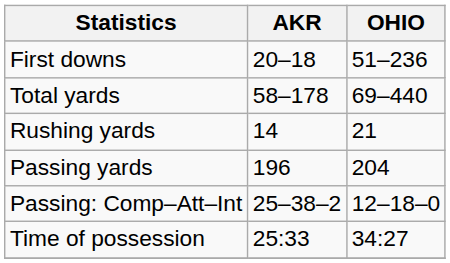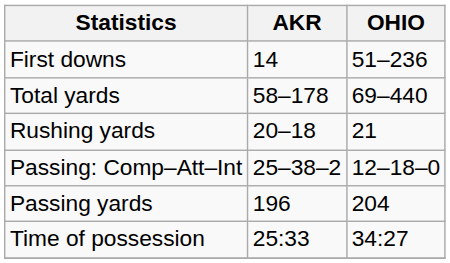 <table class="wikitable" style="float: left;">
 <tr>
 <th>Statistics</th>
 <th>AKR</th>
 <th>OHIO</th>
 </tr>
 <tr>
 <td>First downs</td>
-<td>20–18</td>
+<td>14</td>
 <td>51–236</td>
 </tr>
 <tr>
 <td>Total yards</td>
 <td>58–178</td>
 <td>69–440</td>
 </tr>
 <tr>
 <td>Rushing yards</td>
-<td>14</td>
+<td>20–18</td>
 <td>21</td>
+</tr>
+<tr>
+<td>Passing: Comp–Att–Int</td>
+<td>25–38–2</td>
+<td>12–18–0</td>
 </tr>
 <tr>
 <td>Passing yards</td>
 <td>196</td>
 <td>204</td>
-</tr>
-<tr>
-<td>Passing: Comp–Att–Int</td>
-<td>25–38–2</td>
-<td>12–18–0</td>
 </tr>
 <tr>
 <td>Time of possession</td>
 <td>25:33</td>
 <td>34:27</td>
 </tr>
 <tr>
 </tr>
 </table>
